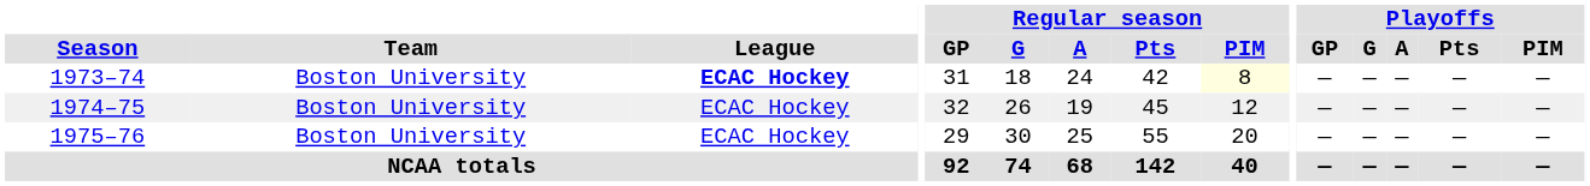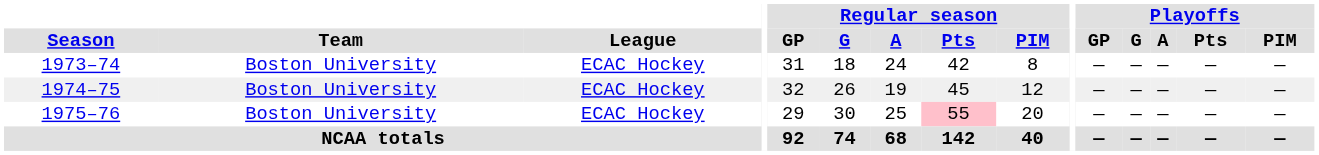 <table border="0" cellpadding="1" cellspacing="0" style="text-align:center; width:70em">
 <tr bgcolor="#e0e0e0">
 <th colspan="3" bgcolor="#ffffff"></th>
 <th rowspan="99" bgcolor="#ffffff"></th>
 <th colspan="5"><a href='#'>Regular season</a></th>
 <th rowspan="99" bgcolor="#ffffff"></th>
 <th colspan="5"><a href='#'>Playoffs</a></th>
 </tr>
 <tr bgcolor="#e0e0e0">
 <th><a href='#'>Season</a></th>
 <th>Team</th>
 <th>League</th>
 <th>GP</th>
 <th><a href='#'>G</a></th>
 <th><a href='#'>A</a></th>
 <th><a href='#'>Pts</a></th>
 <th><a href='#'>PIM</a></th>
 <th>GP</th>
 <th>G</th>
 <th>A</th>
 <th>Pts</th>
 <th>PIM</th>
 </tr>
 <tr>
 <td><a href='#'>1973–74</a></td>
 <td><a href='#'>Boston University</a></td>
-<td><strong><a href='#'>ECAC Hockey</a></strong></td>
+<td><a href='#'>ECAC Hockey</a></td>
 <td>31</td>
 <td>18</td>
 <td>24</td>
 <td>42</td>
-<td style="background: lightyellow;">8</td>
+<td>8</td>
 <td>—</td>
 <td>—</td>
 <td>—</td>
 <td>—</td>
 <td>—</td>
 </tr>
 <tr bgcolor="f0f0f0">
 <td><a href='#'>1974–75</a></td>
 <td><a href='#'>Boston University</a></td>
 <td><a href='#'>ECAC Hockey</a></td>
 <td>32</td>
 <td>26</td>
 <td>19</td>
 <td>45</td>
 <td>12</td>
 <td>—</td>
 <td>—</td>
 <td>—</td>
 <td>—</td>
 <td>—</td>
 </tr>
 <tr>
 <td><a href='#'>1975–76</a></td>
 <td><a href='#'>Boston University</a></td>
 <td><a href='#'>ECAC Hockey</a></td>
 <td>29</td>
 <td>30</td>
 <td>25</td>
-<td>55</td>
+<td style="background: pink;">55</td>
 <td>20</td>
 <td>—</td>
 <td>—</td>
 <td>—</td>
 <td>—</td>
 <td>—</td>
 </tr>
 <tr bgcolor="#e0e0e0">
 <th colspan="3">NCAA totals</th>
 <th>92</th>
 <th>74</th>
 <th>68</th>
 <th>142</th>
 <th>40</th>
 <th>—</th>
 <th>—</th>
 <th>—</th>
 <th>—</th>
 <th>—</th>
 </tr>
 </table>
